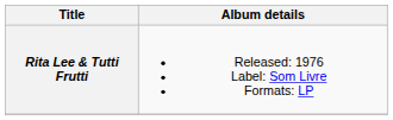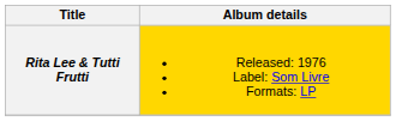 <table class="wikitable plainrowheaders" style="text-align:center;">
 <tr>
 <th scope="col" style="width:10em;">Title</th>
 <th scope="col" style="width:19em;">Album details</th>
 </tr>
 <tr>
 <th scope="row"><em>Rita Lee & Tutti Frutti</em></th>
-<td><br><ul><li>Released: 1976</li><li>Label: <a href='#'>Som Livre</a></li><li>Formats: <a href='#'>LP</a></li></ul></td>
+<td style="background: gold;"><br><ul><li>Released: 1976</li><li>Label: <a href='#'>Som Livre</a></li><li>Formats: <a href='#'>LP</a></li></ul></td>
 </tr>
 <tr>
 </tr>
 </table>
